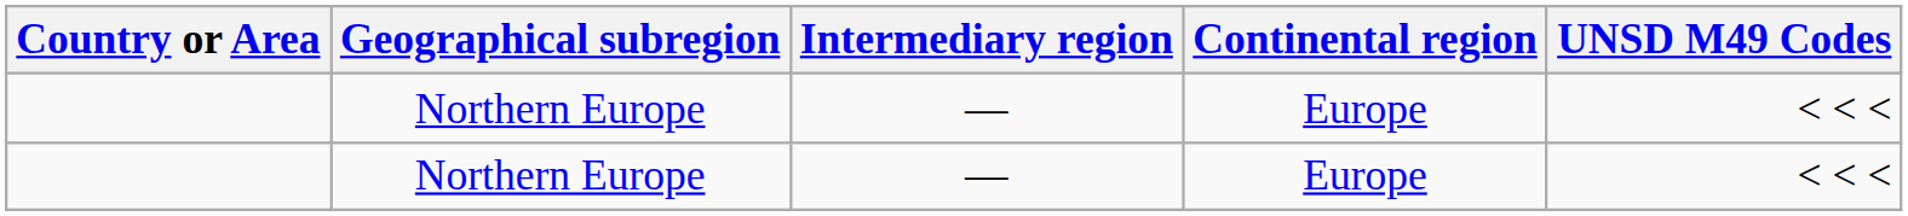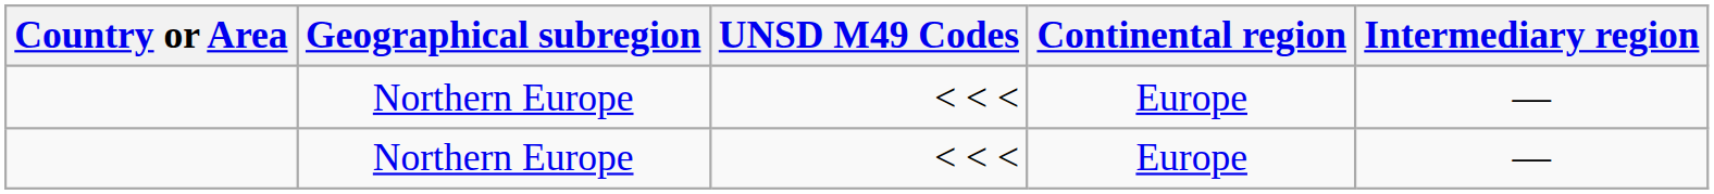 <table class="wikitable nowrap sortable mw-datatable" style=text-align:center>
 <tr>
 <th><a href='#'>Country</a> or <a href='#'>Area</a></th>
 <th><a href='#'>Geographical subregion</a></th>
+<th><a href='#'>UNSD M49 Codes</a></th>
+<th><a href='#'>Continental region</a></th>
 <th><a href='#'>Intermediary region</a></th>
-<th><a href='#'>Continental region</a></th>
-<th><a href='#'>UNSD M49 Codes</a></th>
 </tr>
 <tr id="Channel Islands">
 <td> </td>
 <td><a href='#'>Northern Europe</a></td>
+<td style=text-align:right data-sort-value="001/150/154/830/680"><a href='#'></a> < <a href='#'></a> < <a href='#'></a> < <a href='#'></a></td>
+<td><a href='#'>Europe</a></td>
 <td>—</td>
-<td><a href='#'>Europe</a></td>
-<td style=text-align:right data-sort-value="001/150/154/830/680"><a href='#'></a> < <a href='#'></a> < <a href='#'></a> < <a href='#'></a></td>
 </tr>
 <tr id="Sark">
 <td> </td>
 <td><a href='#'>Northern Europe</a></td>
+<td style=text-align:right data-sort-value="001/150/154/830/680"><a href='#'></a> < <a href='#'></a> < <a href='#'></a> < <a href='#'></a></td>
+<td><a href='#'>Europe</a></td>
 <td>—</td>
-<td><a href='#'>Europe</a></td>
-<td style=text-align:right data-sort-value="001/150/154/830/680"><a href='#'></a> < <a href='#'></a> < <a href='#'></a> < <a href='#'></a></td>
 </tr>
 </table>
